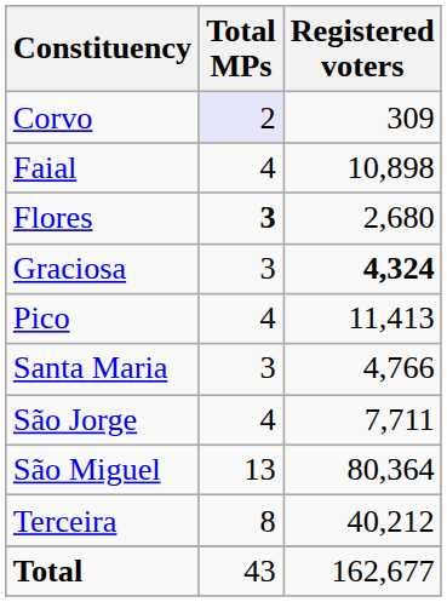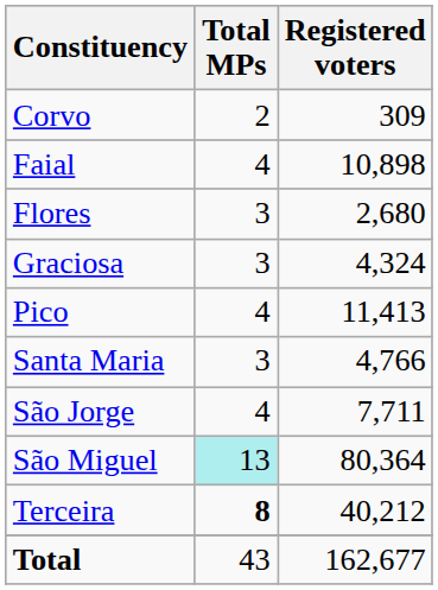 <table class="wikitable sortable" style="text-align:right">
 <tr>
 <th>Constituency</th>
 <th>Total <br>MPs</th>
 <th>Registered<br>voters</th>
 </tr>
 <tr>
 <td align="left"><a href='#'>Corvo</a></td>
-<td style="background: lavender;">2</td>
+<td>2</td>
 <td>309</td>
 </tr>
 <tr>
 <td align="left"><a href='#'>Faial</a></td>
 <td>4</td>
 <td>10,898</td>
 </tr>
 <tr>
 <td align="left"><a href='#'>Flores</a></td>
-<td><strong>3</strong></td>
+<td>3</td>
 <td>2,680</td>
 </tr>
 <tr>
 <td align="left"><a href='#'>Graciosa</a></td>
 <td>3</td>
-<td><strong>4,324</strong></td>
+<td>4,324</td>
 </tr>
 <tr>
 <td align="left"><a href='#'>Pico</a></td>
 <td>4</td>
 <td>11,413</td>
 </tr>
 <tr>
 <td align="left"><a href='#'>Santa Maria</a></td>
 <td>3</td>
 <td>4,766</td>
 </tr>
 <tr>
 <td align="left"><a href='#'>São Jorge</a></td>
 <td>4</td>
 <td>7,711</td>
 </tr>
 <tr>
 <td align="left"><a href='#'>São Miguel</a></td>
-<td>13</td>
+<td style="background: paleturquoise;">13</td>
 <td>80,364</td>
 </tr>
 <tr>
 <td align="left"><a href='#'>Terceira</a></td>
-<td>8</td>
+<td><strong>8</strong></td>
 <td>40,212</td>
 </tr>
 <tr>
 </tr>
 <tr>
 <td align="left"><strong>Total</strong></td>
 <td>43</td>
 <td>162,677</td>
 </tr>
 </table>
